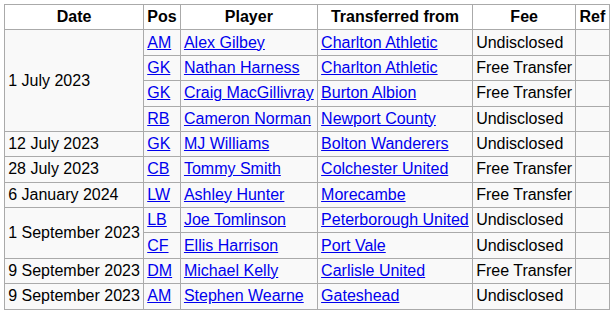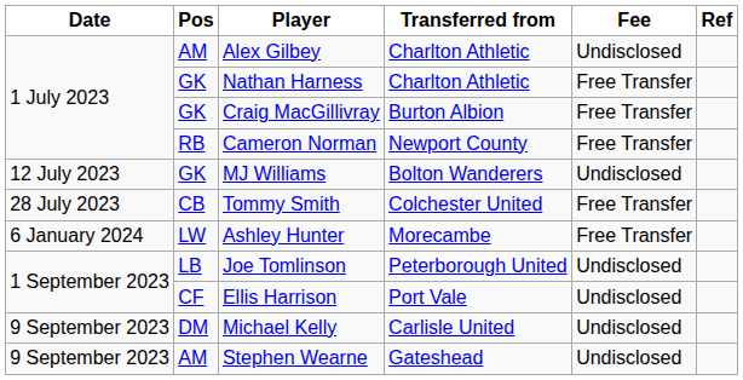 <table class="wikitable plainrowheaders sortable">
 <tr>
 <th style="background:white; color:black; ">Date</th>
 <th style="background:white; color:black; ">Pos</th>
 <th style="background:white; color:black; ">Player</th>
 <th style="background:white; color:black; ">Transferred from</th>
 <th style="background:white; color:black; ">Fee</th>
 <th style="background:white; color:black; ">Ref</th>
 </tr>
 <tr>
 <td rowspan="4">1 July 2023</td>
 <td><a href='#'>AM</a></td>
 <td> <a href='#'>Alex Gilbey</a></td>
 <td> <a href='#'>Charlton Athletic</a></td>
 <td>Undisclosed</td>
 <td></td>
 </tr>
 <tr>
 <td><a href='#'>GK</a></td>
 <td> <a href='#'>Nathan Harness</a></td>
 <td> <a href='#'>Charlton Athletic</a></td>
 <td>Free Transfer</td>
 <td></td>
 </tr>
 <tr>
 <td><a href='#'>GK</a></td>
 <td> <a href='#'>Craig MacGillivray</a></td>
 <td> <a href='#'>Burton Albion</a></td>
 <td>Free Transfer</td>
 <td></td>
 </tr>
 <tr>
 <td><a href='#'>RB</a></td>
 <td> <a href='#'>Cameron Norman</a></td>
 <td> <a href='#'>Newport County</a></td>
-<td>Undisclosed</td>
+<td>Free Transfer</td>
 <td></td>
 </tr>
 <tr>
 <td>12 July 2023</td>
 <td><a href='#'>GK</a></td>
 <td> <a href='#'>MJ Williams</a></td>
 <td> <a href='#'>Bolton Wanderers</a></td>
 <td>Undisclosed</td>
 <td></td>
 </tr>
 <tr>
 <td>28 July 2023</td>
 <td><a href='#'>CB</a></td>
 <td> <a href='#'>Tommy Smith</a></td>
 <td> <a href='#'>Colchester United</a></td>
 <td>Free Transfer</td>
 <td></td>
 </tr>
 <tr>
 <td>6 January 2024</td>
 <td><a href='#'>LW</a></td>
 <td> <a href='#'>Ashley Hunter</a></td>
 <td> <a href='#'>Morecambe</a></td>
 <td>Free Transfer</td>
 <td></td>
 </tr>
 <tr>
 <td rowspan="2">1 September 2023</td>
 <td><a href='#'>LB</a></td>
 <td> <a href='#'>Joe Tomlinson</a></td>
 <td> <a href='#'>Peterborough United</a></td>
 <td>Undisclosed</td>
 <td></td>
 </tr>
 <tr>
 <td><a href='#'>CF</a></td>
 <td> <a href='#'>Ellis Harrison</a></td>
 <td> <a href='#'>Port Vale</a></td>
 <td>Undisclosed</td>
 <td></td>
 </tr>
 <tr>
 <td>9 September 2023</td>
 <td><a href='#'>DM</a></td>
 <td> <a href='#'>Michael Kelly</a></td>
 <td> <a href='#'>Carlisle United</a></td>
-<td>Free Transfer</td>
+<td>Undisclosed</td>
 <td></td>
 </tr>
 <tr>
 <td>9 September 2023</td>
 <td><a href='#'>AM</a></td>
 <td> <a href='#'>Stephen Wearne</a></td>
 <td> <a href='#'>Gateshead</a></td>
 <td>Undisclosed</td>
 <td></td>
 </tr>
 </table>
